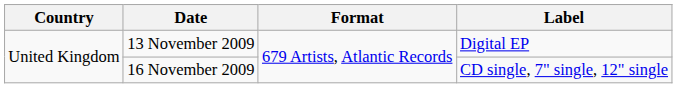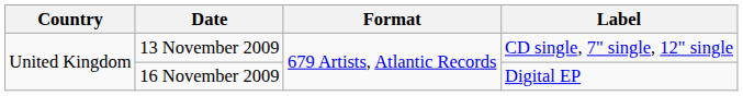 <table class="wikitable">
 <tr>
 <th>Country</th>
 <th>Date</th>
 <th>Format</th>
 <th>Label</th>
 </tr>
 <tr>
 <td rowspan="2">United Kingdom</td>
 <td>13 November 2009</td>
 <td rowspan="2"><a href='#'>679 Artists</a>, <a href='#'>Atlantic Records</a></td>
-<td><a href='#'>Digital EP</a></td>
+<td><a href='#'>CD single</a>, <a href='#'>7" single</a>, <a href='#'>12" single</a></td>
 </tr>
 <tr>
 <td>16 November 2009</td>
-<td><a href='#'>CD single</a>, <a href='#'>7" single</a>, <a href='#'>12" single</a></td>
+<td><a href='#'>Digital EP</a></td>
 </tr>
 </table>
